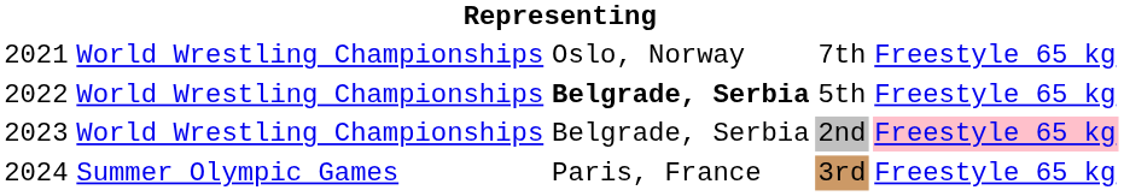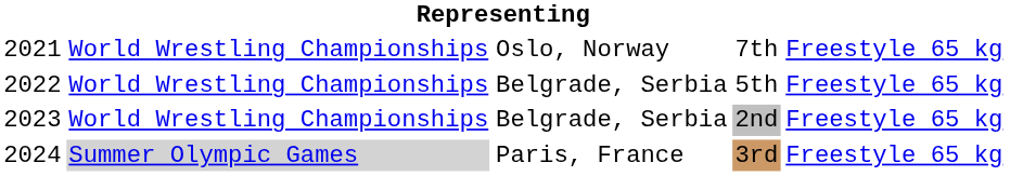 <table>
 <tr>
 <th colspan="5">Representing </th>
 </tr>
 <tr>
 <td>2021</td>
 <td><a href='#'>World Wrestling Championships</a></td>
 <td>Oslo, Norway</td>
 <td align="center">7th</td>
 <td><a href='#'>Freestyle 65 kg</a></td>
 </tr>
 <tr>
 <td>2022</td>
 <td><a href='#'>World Wrestling Championships</a></td>
-<td><strong>Belgrade, Serbia</strong></td>
+<td>Belgrade, Serbia</td>
 <td align="center">5th</td>
 <td><a href='#'>Freestyle 65 kg</a></td>
 </tr>
 <tr>
 <td>2023</td>
 <td><a href='#'>World Wrestling Championships</a></td>
 <td>Belgrade, Serbia</td>
 <td align="center" bgcolor="silver">2nd</td>
-<td style="background: pink;"><a href='#'>Freestyle 65 kg</a></td>
+<td><a href='#'>Freestyle 65 kg</a></td>
 </tr>
 <tr>
 <td>2024</td>
-<td><a href='#'>Summer Olympic Games</a></td>
+<td style="background: lightgrey;"><a href='#'>Summer Olympic Games</a></td>
 <td>Paris, France</td>
 <td align="center" bgcolor="cc9966">3rd</td>
 <td><a href='#'>Freestyle 65 kg</a></td>
 </tr>
 </table>
